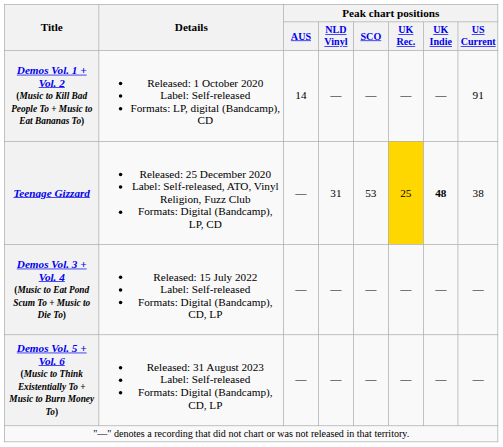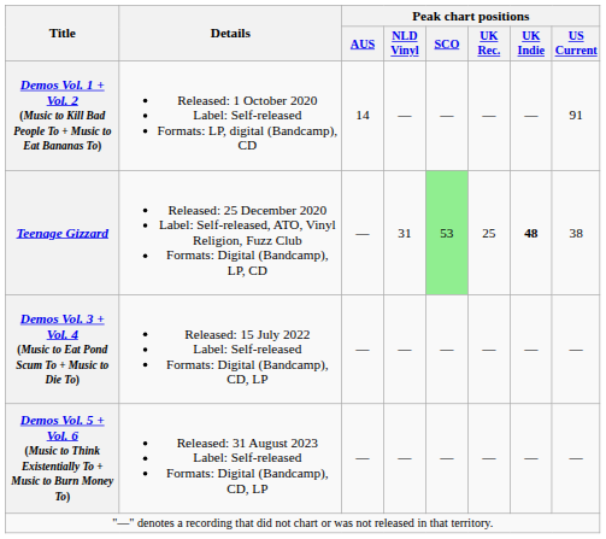 <table class="wikitable plainrowheaders" style="text-align:center;">
 <tr>
 <th scope="col" rowspan="2" style="width:8em;">Title</th>
 <th scope="col" rowspan="2" style="width:16em;">Details</th>
 <th scope="col" colspan="6">Peak chart positions</th>
 </tr>
 <tr>
 <th scope="col" style="width:3em;font-size:90%;"><a href='#'>AUS</a><br></th>
 <th scope="col" style="width:3em;font-size:90%;"><a href='#'>NLD<br>Vinyl</a><br></th>
 <th scope="col" style="width:3em;font-size:90%;"><a href='#'>SCO</a><br></th>
 <th scope="col" style="width:3em;font-size:90%;"><a href='#'>UK<br>Rec.</a><br></th>
 <th scope="col" style="width:3em;font-size:90%;"><a href='#'>UK<br>Indie</a><br></th>
 <th scope="col" style="width:3em;font-size:90%;"><a href='#'>US<br>Current</a><br></th>
 </tr>
 <tr>
 <th scope="row"><em><a href='#'>Demos Vol. 1 + Vol. 2</a></em><br><small>(<em>Music to Kill Bad People To</em> + <em>Music to Eat Bananas To</em>)</small></th>
 <td><br><ul><li>Released: 1 October 2020</li><li>Label: Self-released</li><li>Formats: LP, digital (Bandcamp), CD</li></ul></td>
 <td>14</td>
 <td>—</td>
 <td>—</td>
 <td>—</td>
 <td>—</td>
 <td>91</td>
 </tr>
 <tr>
 <th scope="row"><em><a href='#'>Teenage Gizzard</a></em></th>
 <td><br><ul><li>Released: 25 December 2020</li><li>Label: Self-released, ATO, Vinyl Religion, Fuzz Club</li><li>Formats: Digital (Bandcamp), LP, CD</li></ul></td>
 <td>—</td>
 <td>31</td>
-<td>53</td>
-<td style="background: gold;">25</td>
+<td style="background: lightgreen;">53</td>
+<td>25</td>
 <td><strong>48</strong></td>
 <td>38</td>
 </tr>
 <tr>
 <th scope="row"><em><a href='#'>Demos Vol. 3 + Vol. 4</a></em><br><small>(<em>Music to Eat Pond Scum To</em> + <em>Music to Die To</em>)</small></th>
 <td><br><ul><li>Released: 15 July 2022</li><li>Label: Self-released</li><li>Formats: Digital (Bandcamp), CD, LP</li></ul></td>
 <td>—</td>
 <td>—</td>
 <td>—</td>
 <td>—</td>
 <td>—</td>
 <td>—</td>
 </tr>
 <tr>
 <th scope="row"><em><a href='#'>Demos Vol. 5 + Vol. 6</a></em><br><small>(<em>Music to Think Existentially To</em> + <em>Music to Burn Money To</em>)</small></th>
 <td><br><ul><li>Released: 31 August 2023</li><li>Label: Self-released</li><li>Formats: Digital (Bandcamp), CD, LP</li></ul></td>
 <td>—</td>
 <td>—</td>
 <td>—</td>
 <td>—</td>
 <td>—</td>
 <td>—</td>
 </tr>
 <tr>
 <td colspan="15" style="font-size:90%; text-align:center">"—" denotes a recording that did not chart or was not released in that territory.</td>
 </tr>
 </table>
